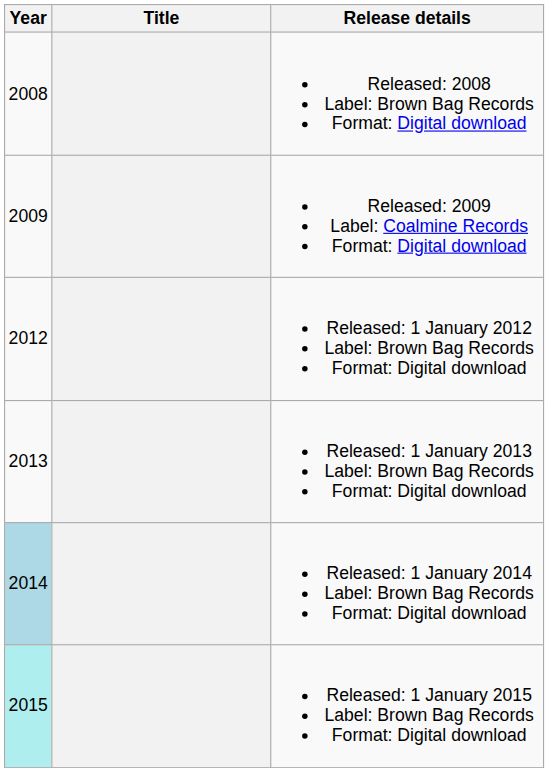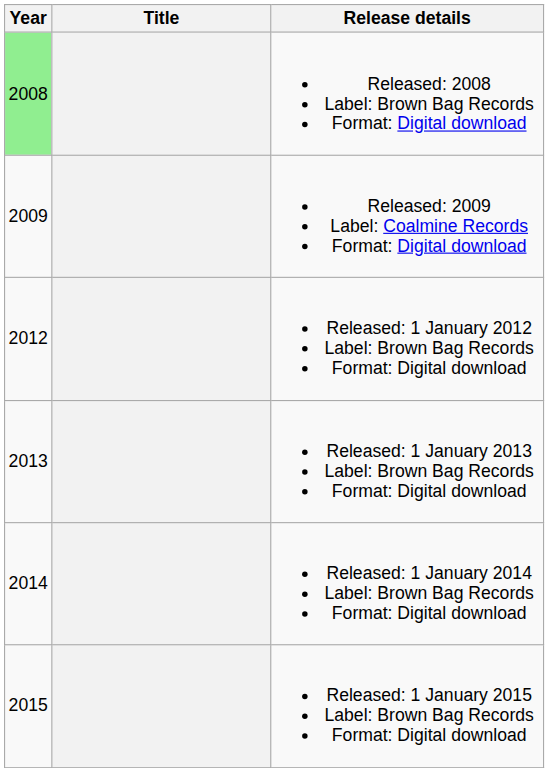 <table class="wikitable plainrowheaders" style="text-align:center;">
 <tr>
 <th>Year</th>
 <th scope="col" rowspan="1" style="width:12em;">Title</th>
 <th scope="col" rowspan="1" style="width:15em;">Release details</th>
 </tr>
 <tr>
-<td>2008</td>
+<td style="background: lightgreen;">2008</td>
 <th></th>
 <td><br><ul><li>Released: 2008</li><li>Label: Brown Bag Records</li><li>Format: <a href='#'>Digital download</a></li></ul></td>
 </tr>
 <tr>
 <td>2009</td>
 <th></th>
 <td><br><ul><li>Released: 2009</li><li>Label: <a href='#'>Coalmine Records</a></li><li>Format: <a href='#'>Digital download</a></li></ul></td>
 </tr>
 <tr>
 <td>2012</td>
 <th></th>
 <td><br><ul><li>Released: 1 January 2012</li><li>Label: Brown Bag Records</li><li>Format: Digital download</li></ul></td>
 </tr>
 <tr>
 <td>2013</td>
 <th></th>
 <td><br><ul><li>Released: 1 January 2013</li><li>Label: Brown Bag Records</li><li>Format: Digital download</li></ul></td>
 </tr>
 <tr>
-<td style="background: lightblue;">2014</td>
+<td>2014</td>
 <th></th>
 <td><br><ul><li>Released: 1 January 2014</li><li>Label: Brown Bag Records</li><li>Format: Digital download</li></ul></td>
 </tr>
 <tr>
-<td style="background: paleturquoise;">2015</td>
+<td>2015</td>
 <th></th>
 <td><br><ul><li>Released: 1 January 2015</li><li>Label: Brown Bag Records</li><li>Format: Digital download</li></ul></td>
 </tr>
 <tr>
 </tr>
 </table>
